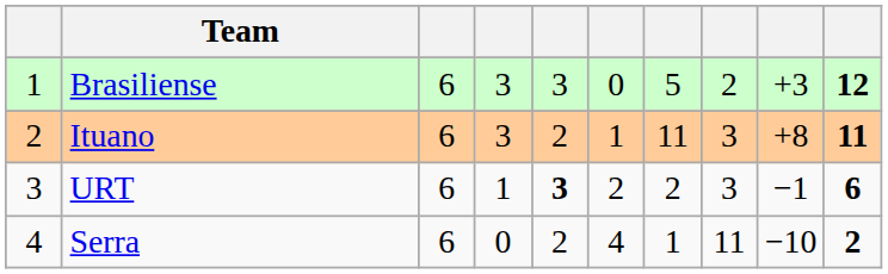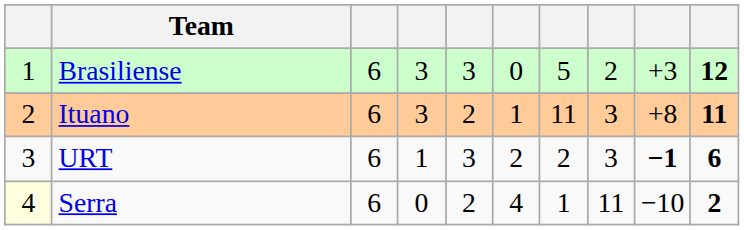 <table class="wikitable" style="text-align: center;">
 <tr>
 <th width=20></th>
 <th width=165>Team</th>
 <th width=20></th>
 <th width=20></th>
 <th width=20></th>
 <th width=20></th>
 <th width=20></th>
 <th width=20></th>
 <th width=20></th>
 <th width=20></th>
 </tr>
 <tr bgcolor=#ccffcc>
 <td>1</td>
 <td align=left> <a href='#'>Brasiliense</a></td>
 <td>6</td>
 <td>3</td>
 <td>3</td>
 <td>0</td>
 <td>5</td>
 <td>2</td>
 <td>+3</td>
 <td><strong>12</strong></td>
 </tr>
 <tr bgcolor=#ffcc99>
 <td>2</td>
 <td align=left> <a href='#'>Ituano</a></td>
 <td>6</td>
 <td>3</td>
 <td>2</td>
 <td>1</td>
 <td>11</td>
 <td>3</td>
 <td>+8</td>
 <td><strong>11</strong></td>
 </tr>
 <tr>
 <td>3</td>
 <td align=left> <a href='#'>URT</a></td>
 <td>6</td>
 <td>1</td>
-<td><strong>3</strong></td>
+<td>3</td>
 <td>2</td>
 <td>2</td>
 <td>3</td>
-<td>−1</td>
+<td><strong>−1</strong></td>
 <td><strong>6</strong></td>
 </tr>
 <tr>
-<td>4</td>
+<td style="background: lightyellow;">4</td>
 <td align=left> <a href='#'>Serra</a></td>
 <td>6</td>
 <td>0</td>
 <td>2</td>
 <td>4</td>
 <td>1</td>
 <td>11</td>
 <td>−10</td>
 <td><strong>2</strong></td>
 </tr>
 </table>
